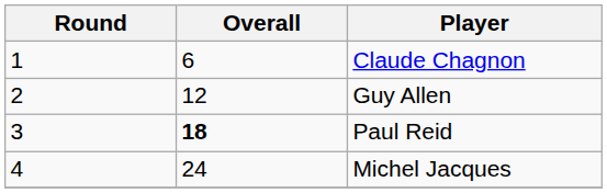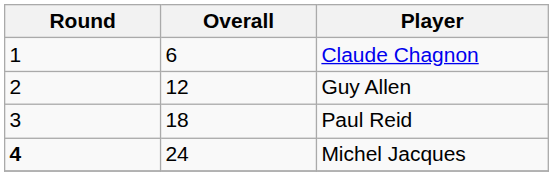 <table class="wikitable sortable sortable">
 <tr>
 <th bgcolor="#DDDDFF" width="20.75%">Round</th>
 <th bgcolor="#DDDDFF" width="20.75%">Overall</th>
 <th bgcolor="#DDDDFF" width="30.75%">Player</th>
 </tr>
 <tr>
 <td>1</td>
 <td>6</td>
 <td><a href='#'>Claude Chagnon</a></td>
 </tr>
 <tr>
 <td>2</td>
 <td>12</td>
 <td>Guy Allen</td>
 </tr>
 <tr>
 <td>3</td>
-<td><strong>18</strong></td>
+<td>18</td>
 <td>Paul Reid</td>
 </tr>
 <tr>
-<td>4</td>
+<td><strong>4</strong></td>
 <td>24</td>
 <td>Michel Jacques</td>
 </tr>
 <tr>
 </tr>
 </table>
